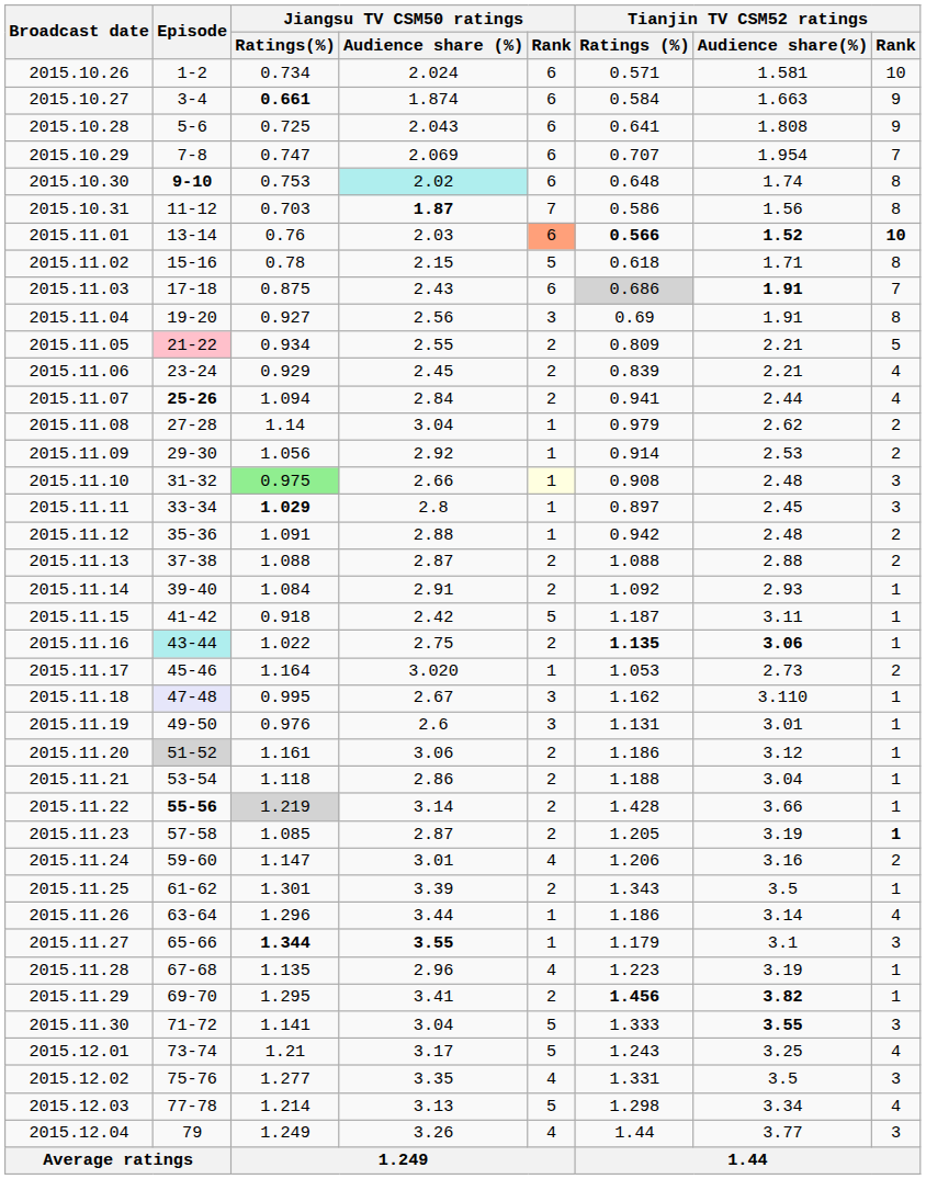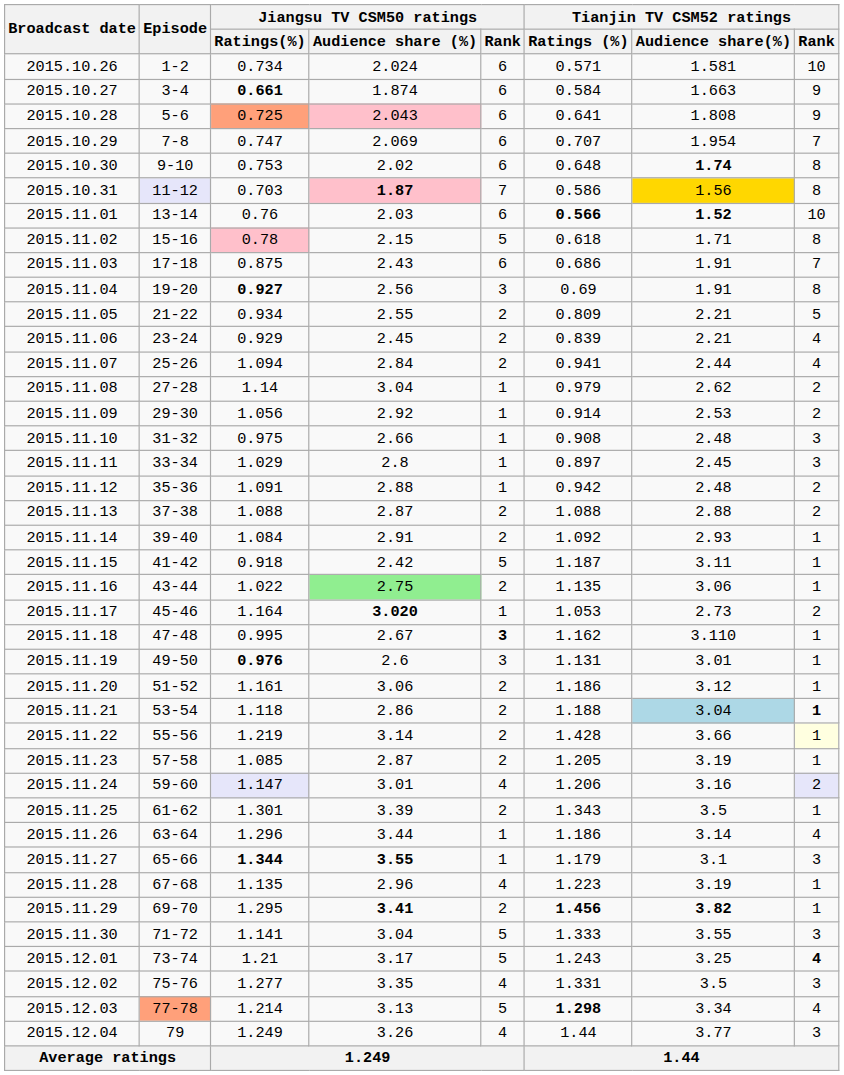 <table class="wikitable sortable mw-collapsible mw-collapsed jquery-tablesorter" style="text-align:center">
 <tr>
 <th colspan="1" rowspan="2"><strong>Broadcast date</strong></th>
 <th colspan="1" rowspan="2"><strong>Episode</strong></th>
 <th colspan="3" rowspan="1"><strong>Jiangsu TV CSM50 ratings</strong></th>
 <th colspan="3" rowspan="1"><strong>Tianjin TV CSM52 ratings</strong></th>
 </tr>
 <tr>
 <th><strong>Ratings(%)</strong></th>
 <th><strong>Audience share (%)</strong></th>
 <th><strong>Rank</strong></th>
 <th><strong>Ratings (%)</strong></th>
 <th><strong>Audience share(%)</strong></th>
 <th><strong>Rank</strong></th>
 </tr>
 <tr>
 <td>2015.10.26</td>
 <td>1-2</td>
 <td>0.734</td>
 <td>2.024</td>
 <td>6</td>
 <td>0.571</td>
 <td>1.581</td>
 <td>10</td>
 </tr>
 <tr>
 <td>2015.10.27</td>
 <td>3-4</td>
 <td><strong><span>0.661</span></strong></td>
 <td>1.874</td>
 <td>6</td>
 <td>0.584</td>
 <td>1.663</td>
 <td>9</td>
 </tr>
 <tr>
 <td>2015.10.28</td>
 <td>5-6</td>
-<td>0.725</td>
-<td>2.043</td>
+<td style="background: lightsalmon;">0.725</td>
+<td style="background: pink;">2.043</td>
 <td>6</td>
 <td>0.641</td>
 <td>1.808</td>
 <td>9</td>
 </tr>
 <tr>
 <td>2015.10.29</td>
 <td>7-8</td>
 <td>0.747</td>
 <td>2.069</td>
 <td>6</td>
 <td>0.707</td>
 <td>1.954</td>
 <td>7</td>
 </tr>
 <tr>
 <td>2015.10.30</td>
-<td><strong>9-10</strong></td>
+<td>9-10</td>
 <td>0.753</td>
-<td style="background: paleturquoise;">2.02</td>
+<td>2.02</td>
 <td>6</td>
 <td>0.648</td>
-<td>1.74</td>
+<td><strong>1.74</strong></td>
 <td>8</td>
 </tr>
 <tr>
 <td>2015.10.31</td>
-<td>11-12</td>
+<td style="background: lavender;">11-12</td>
 <td>0.703</td>
-<td><strong><span>1.87</span></strong></td>
+<td style="background: pink;"><strong><span>1.87</span></strong></td>
 <td>7</td>
 <td>0.586</td>
-<td>1.56</td>
+<td style="background: gold;">1.56</td>
 <td>8</td>
 </tr>
 <tr>
 <td>2015.11.01</td>
 <td>13-14</td>
 <td>0.76</td>
 <td>2.03</td>
-<td style="background: lightsalmon;">6</td>
+<td>6</td>
 <td><strong><span>0.566</span></strong></td>
 <td><strong><span>1.52</span></strong></td>
-<td><strong>10</strong></td>
+<td>10</td>
 </tr>
 <tr>
 <td>2015.11.02</td>
 <td>15-16</td>
-<td>0.78</td>
+<td style="background: pink;">0.78</td>
 <td>2.15</td>
 <td>5</td>
 <td>0.618</td>
 <td>1.71</td>
 <td>8</td>
 </tr>
 <tr>
 <td>2015.11.03</td>
 <td>17-18</td>
 <td>0.875</td>
 <td>2.43</td>
 <td>6</td>
-<td style="background: lightgrey;">0.686</td>
-<td><strong>1.91</strong></td>
+<td>0.686</td>
+<td>1.91</td>
 <td>7</td>
 </tr>
 <tr>
 <td>2015.11.04</td>
 <td>19-20</td>
-<td>0.927</td>
+<td><strong>0.927</strong></td>
 <td>2.56</td>
 <td>3</td>
 <td>0.69</td>
 <td>1.91</td>
 <td>8</td>
 </tr>
 <tr>
 <td>2015.11.05</td>
-<td style="background: pink;">21-22</td>
+<td>21-22</td>
 <td>0.934</td>
 <td>2.55</td>
 <td>2</td>
 <td>0.809</td>
 <td>2.21</td>
 <td>5</td>
 </tr>
 <tr>
 <td>2015.11.06</td>
 <td>23-24</td>
 <td>0.929</td>
 <td>2.45</td>
 <td>2</td>
 <td>0.839</td>
 <td>2.21</td>
 <td>4</td>
 </tr>
 <tr>
 <td>2015.11.07</td>
-<td><strong>25-26</strong></td>
+<td>25-26</td>
 <td>1.094</td>
 <td>2.84</td>
 <td>2</td>
 <td>0.941</td>
 <td>2.44</td>
 <td>4</td>
 </tr>
 <tr>
 <td>2015.11.08</td>
 <td>27-28</td>
 <td>1.14</td>
 <td>3.04</td>
 <td>1</td>
 <td>0.979</td>
 <td>2.62</td>
 <td>2</td>
 </tr>
 <tr>
 <td>2015.11.09</td>
 <td>29-30</td>
 <td>1.056</td>
 <td>2.92</td>
 <td>1</td>
 <td>0.914</td>
 <td>2.53</td>
 <td>2</td>
 </tr>
 <tr>
 <td>2015.11.10</td>
 <td>31-32</td>
-<td style="background: lightgreen;">0.975</td>
+<td>0.975</td>
 <td>2.66</td>
-<td style="background: lightyellow;">1</td>
+<td>1</td>
 <td>0.908</td>
 <td>2.48</td>
 <td>3</td>
 </tr>
 <tr>
 <td>2015.11.11</td>
 <td>33-34</td>
-<td><strong>1.029</strong></td>
+<td>1.029</td>
 <td>2.8</td>
 <td>1</td>
 <td>0.897</td>
 <td>2.45</td>
 <td>3</td>
 </tr>
 <tr>
 <td>2015.11.12</td>
 <td>35-36</td>
 <td>1.091</td>
 <td>2.88</td>
 <td>1</td>
 <td>0.942</td>
 <td>2.48</td>
 <td>2</td>
 </tr>
 <tr>
 <td>2015.11.13</td>
 <td>37-38</td>
 <td>1.088</td>
 <td>2.87</td>
 <td>2</td>
 <td>1.088</td>
 <td>2.88</td>
 <td>2</td>
 </tr>
 <tr>
 <td>2015.11.14</td>
 <td>39-40</td>
 <td>1.084</td>
 <td>2.91</td>
 <td>2</td>
 <td>1.092</td>
 <td>2.93</td>
 <td>1</td>
 </tr>
 <tr>
 <td>2015.11.15</td>
 <td>41-42</td>
 <td>0.918</td>
 <td>2.42</td>
 <td>5</td>
 <td>1.187</td>
 <td>3.11</td>
 <td>1</td>
 </tr>
 <tr>
 <td>2015.11.16</td>
-<td style="background: paleturquoise;">43-44</td>
+<td>43-44</td>
 <td>1.022</td>
-<td>2.75</td>
+<td style="background: lightgreen;">2.75</td>
 <td>2</td>
-<td><strong>1.135</strong></td>
-<td><strong>3.06</strong></td>
+<td>1.135</td>
+<td>3.06</td>
 <td>1</td>
 </tr>
 <tr>
 <td>2015.11.17</td>
 <td>45-46</td>
 <td>1.164</td>
-<td>3.020</td>
+<td><strong>3.020</strong></td>
 <td>1</td>
 <td>1.053</td>
 <td>2.73</td>
 <td>2</td>
 </tr>
 <tr>
 <td>2015.11.18</td>
-<td style="background: lavender;">47-48</td>
+<td>47-48</td>
 <td>0.995</td>
 <td>2.67</td>
-<td>3</td>
+<td><strong>3</strong></td>
 <td>1.162</td>
 <td>3.110</td>
 <td>1</td>
 </tr>
 <tr>
 <td>2015.11.19</td>
 <td>49-50</td>
-<td>0.976</td>
+<td><strong>0.976</strong></td>
 <td>2.6</td>
 <td>3</td>
 <td>1.131</td>
 <td>3.01</td>
 <td>1</td>
 </tr>
 <tr>
 <td>2015.11.20</td>
-<td style="background: lightgrey;">51-52</td>
+<td>51-52</td>
 <td>1.161</td>
 <td>3.06</td>
 <td>2</td>
 <td>1.186</td>
 <td>3.12</td>
 <td>1</td>
 </tr>
 <tr>
 <td>2015.11.21</td>
 <td>53-54</td>
 <td>1.118</td>
 <td>2.86</td>
 <td>2</td>
 <td>1.188</td>
-<td>3.04</td>
-<td>1</td>
+<td style="background: lightblue;">3.04</td>
+<td><strong>1</strong></td>
 </tr>
 <tr>
 <td>2015.11.22</td>
-<td><strong>55-56</strong></td>
-<td style="background: lightgrey;">1.219</td>
+<td>55-56</td>
+<td>1.219</td>
 <td>3.14</td>
 <td>2</td>
 <td>1.428</td>
 <td>3.66</td>
-<td>1</td>
+<td style="background: lightyellow;">1</td>
 </tr>
 <tr>
 <td>2015.11.23</td>
 <td>57-58</td>
 <td>1.085</td>
 <td>2.87</td>
 <td>2</td>
 <td>1.205</td>
 <td>3.19</td>
-<td><strong>1</strong></td>
+<td>1</td>
 </tr>
 <tr>
 <td>2015.11.24</td>
 <td>59-60</td>
-<td>1.147</td>
+<td style="background: lavender;">1.147</td>
 <td>3.01</td>
 <td>4</td>
 <td>1.206</td>
 <td>3.16</td>
-<td>2</td>
+<td style="background: lavender;">2</td>
 </tr>
 <tr>
 <td>2015.11.25</td>
 <td>61-62</td>
 <td>1.301</td>
 <td>3.39</td>
 <td>2</td>
 <td>1.343</td>
 <td>3.5</td>
 <td>1</td>
 </tr>
 <tr>
 <td>2015.11.26</td>
 <td>63-64</td>
 <td>1.296</td>
 <td>3.44</td>
 <td>1</td>
 <td>1.186</td>
 <td>3.14</td>
 <td>4</td>
 </tr>
 <tr>
 <td>2015.11.27</td>
 <td>65-66</td>
 <td><strong><span>1.344</span></strong></td>
 <td><strong><span>3.55</span></strong></td>
 <td>1</td>
 <td>1.179</td>
 <td>3.1</td>
 <td>3</td>
 </tr>
 <tr>
 <td>2015.11.28</td>
 <td>67-68</td>
 <td>1.135</td>
 <td>2.96</td>
 <td>4</td>
 <td>1.223</td>
 <td>3.19</td>
 <td>1</td>
 </tr>
 <tr>
 <td>2015.11.29</td>
 <td>69-70</td>
 <td>1.295</td>
-<td>3.41</td>
+<td><strong>3.41</strong></td>
 <td>2</td>
 <td><strong><span>1.456</span></strong></td>
 <td><strong><span>3.82</span></strong></td>
 <td>1</td>
 </tr>
 <tr>
 <td>2015.11.30</td>
 <td>71-72</td>
 <td>1.141</td>
 <td>3.04</td>
 <td>5</td>
 <td>1.333</td>
-<td><strong>3.55</strong></td>
+<td>3.55</td>
 <td>3</td>
 </tr>
 <tr>
 <td>2015.12.01</td>
 <td>73-74</td>
 <td>1.21</td>
 <td>3.17</td>
 <td>5</td>
 <td>1.243</td>
 <td>3.25</td>
-<td>4</td>
+<td><strong>4</strong></td>
 </tr>
 <tr>
 <td>2015.12.02</td>
 <td>75-76</td>
 <td>1.277</td>
 <td>3.35</td>
 <td>4</td>
 <td>1.331</td>
 <td>3.5</td>
 <td>3</td>
 </tr>
 <tr>
 <td>2015.12.03</td>
-<td>77-78</td>
+<td style="background: lightsalmon;">77-78</td>
 <td>1.214</td>
 <td>3.13</td>
 <td>5</td>
-<td>1.298</td>
+<td><strong>1.298</strong></td>
 <td>3.34</td>
 <td>4</td>
 </tr>
 <tr>
 <td>2015.12.04</td>
 <td>79</td>
 <td>1.249</td>
 <td>3.26</td>
 <td>4</td>
 <td>1.44</td>
 <td>3.77</td>
 <td>3</td>
 </tr>
 <tr>
 <th colspan="2" rowspan="1"><strong>Average ratings</strong></th>
 <th colspan="3" rowspan="1">1.249</th>
 <th colspan="3" rowspan="1">1.44</th>
 </tr>
 </table>
